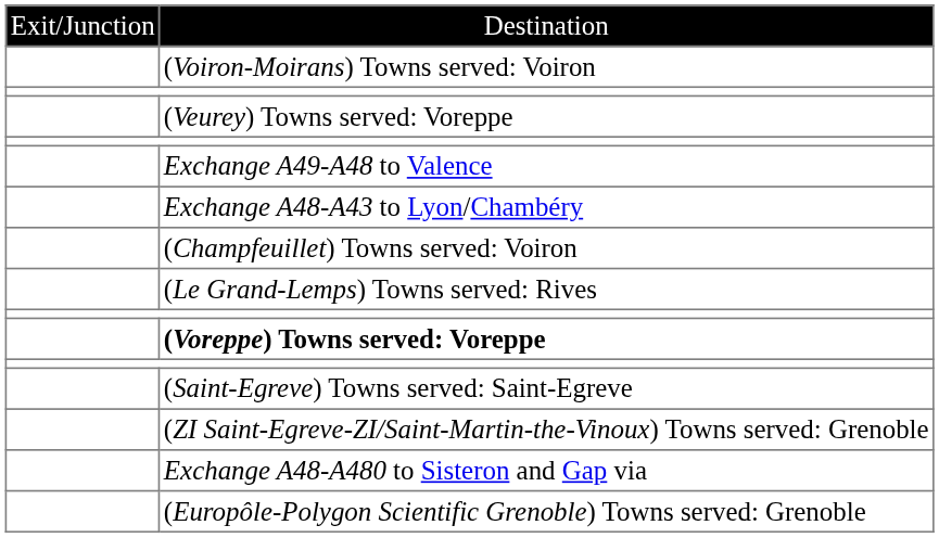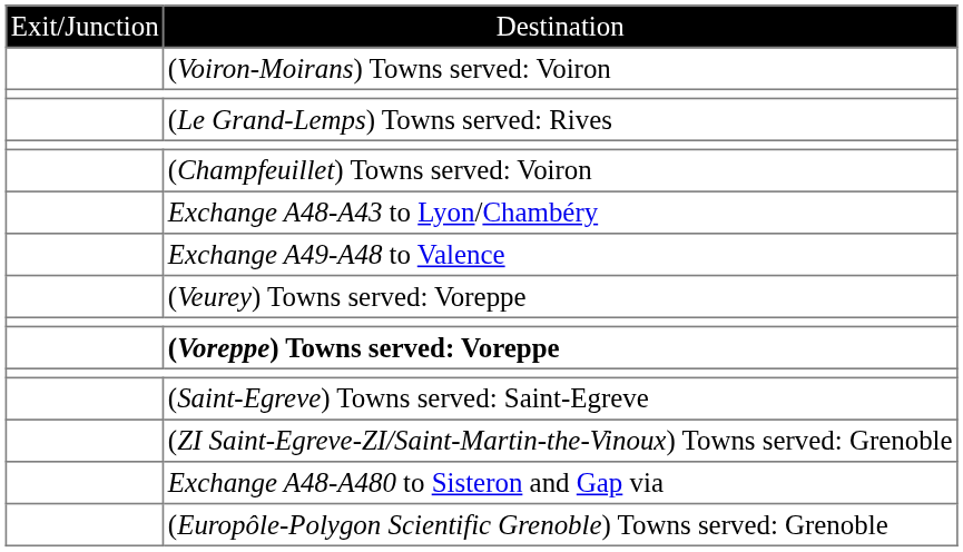 <table border=1 cellpadding=2 style="margin-left:1em; margin-bottom: 1em; color: black; border-collapse: collapse; font-size: 95%;">
 <tr align="center" bgcolor="000000" style="color: white">
 <td>Exit/Junction</td>
 <td>Destination</td>
 </tr>
 <tr>
 <td> </td>
 <td>(<em>Voiron-Moirans</em>) Towns served: Voiron</td>
 </tr>
 <tr>
 <td colspan="2"></td>
 </tr>
 <tr>
 <td></td>
-<td>(<em>Veurey</em>) Towns served: Voreppe</td>
+<td>(<em>Le Grand-Lemps</em>) Towns served: Rives</td>
 </tr>
 <tr>
 <td colspan="2"></td>
+</tr>
+<tr>
+<td></td>
+<td>(<em>Champfeuillet</em>) Towns served: Voiron</td>
+</tr>
+<tr>
+<td></td>
+<td><em>Exchange A48-A43 </em>  to <a href='#'>Lyon</a>/<a href='#'>Chambéry</a></td>
 </tr>
 <tr>
 <td></td>
 <td><em>Exchange A49-A48</em>   to <a href='#'>Valence</a></td>
 </tr>
 <tr>
 <td></td>
-<td><em>Exchange A48-A43 </em>  to <a href='#'>Lyon</a>/<a href='#'>Chambéry</a></td>
-</tr>
-<tr>
-<td></td>
-<td>(<em>Champfeuillet</em>) Towns served: Voiron</td>
-</tr>
-<tr>
-<td></td>
-<td>(<em>Le Grand-Lemps</em>) Towns served: Rives</td>
+<td>(<em>Veurey</em>) Towns served: Voreppe</td>
 </tr>
 <tr>
 <td colspan="2"></td>
 </tr>
 <tr>
 <td></td>
 <td><strong>(<em>Voreppe</em>) Towns served: Voreppe</strong></td>
 </tr>
 <tr>
 <td colspan="2"></td>
 </tr>
 <tr>
 <td></td>
 <td>(<em>Saint-Egreve</em>) Towns served: Saint-Egreve</td>
 </tr>
 <tr>
 <td></td>
 <td>(<em>ZI Saint-Egreve-ZI/Saint-Martin-the-Vinoux</em>) Towns served: Grenoble</td>
 </tr>
 <tr>
 <td></td>
 <td><em>Exchange A48-A480</em>   to <a href='#'>Sisteron</a> and <a href='#'>Gap</a> via </td>
 </tr>
 <tr>
 <td></td>
 <td>(<em>Europôle-Polygon Scientific Grenoble</em>) Towns served: Grenoble</td>
 </tr>
 </table>
